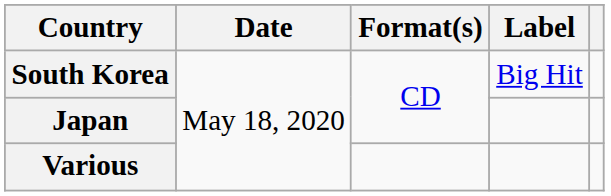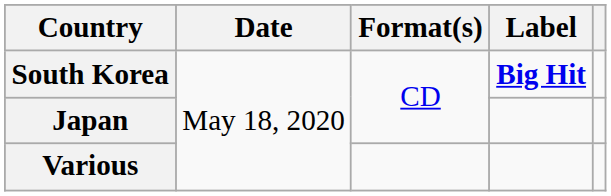 <table class="wikitable plainrowheaders" style="text-align:center">
 <tr>
 <th>Country</th>
 <th>Date</th>
 <th>Format(s)</th>
 <th>Label</th>
 <th></th>
 </tr>
 <tr>
 <th scope="row">South Korea</th>
 <td rowspan="3">May 18, 2020</td>
 <td rowspan="2"><a href='#'>CD</a></td>
-<td><a href='#'>Big Hit</a></td>
+<td><strong><a href='#'>Big Hit</a></strong></td>
 <td></td>
 </tr>
 <tr>
 <th scope="row">Japan</th>
 <td></td>
 <td></td>
 </tr>
 <tr>
 <th scope="row">Various</th>
 <td></td>
 <td></td>
 <td></td>
 </tr>
 </table>
